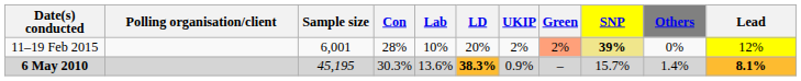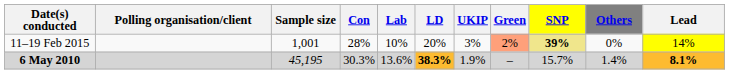 <table class="wikitable sortable" style="text-align:center;font-size:90%;line-height:14px">
 <tr>
 <th ! style="width:100px;">Date(s)<br>conducted</th>
 <th style="width:200px;">Polling organisation/client</th>
 <th class="unsortable" style="width:75px;">Sample size</th>
 <th class="unsortable" style="background:"><a href='#'><span>Con</span></a></th>
 <th class="unsortable" style="background:"><a href='#'><span>Lab</span></a></th>
 <th class="unsortable" style="background:"><a href='#'><span>LD</span></a></th>
 <th class="unsortable" style="background:"><a href='#'><span>UKIP</span></a></th>
 <th class="unsortable" style="background:"><a href='#'><span>Green</span></a></th>
 <th class="unsortable" style="background:#ffff00; width:60px;"><a href='#'><span>SNP</span></a></th>
 <th class="unsortable" style="background:gray; width:60px;"><a href='#'><span>Others</span></a></th>
 <th class="unsortable" style="width:90px;">Lead</th>
 </tr>
 <tr>
 <td>11–19 Feb 2015</td>
 <td> </td>
-<td>6,001</td>
+<td>1,001</td>
 <td>28%</td>
 <td>10%</td>
 <td>20%</td>
-<td>2%</td>
+<td>3%</td>
 <td style="background: lightsalmon;">2%</td>
 <td style="background:khaki"><strong>39%</strong></td>
 <td>0%</td>
-<td style="background:#ff0"><span>12% </span></td>
+<td style="background:#ff0"><span>14% </span></td>
 </tr>
 <tr>
 <td style="background:#D5D5D5"><strong>6 May 2010</strong></td>
 <td style="background:#D5D5D5"></td>
 <td style="background:#D5D5D5"><em>45,195</em></td>
 <td style="background:#D5D5D5">30.3%</td>
 <td style="background:#D5D5D5">13.6%</td>
 <td style="background:#fdbb30"><strong>38.3%</strong></td>
-<td style="background:#D5D5D5">0.9%</td>
+<td style="background:#D5D5D5">1.9%</td>
 <td style="background:#D5D5D5">–</td>
 <td style="background:#D5D5D5">15.7%</td>
 <td style="background:#D5D5D5">1.4%</td>
 <td style="background:#fdbb30"><span><strong>8.1% </strong></span></td>
 </tr>
 </table>
